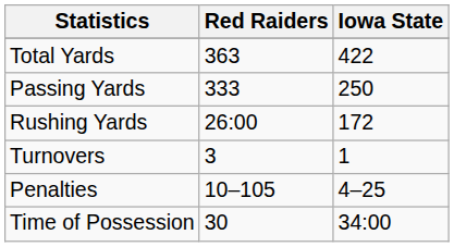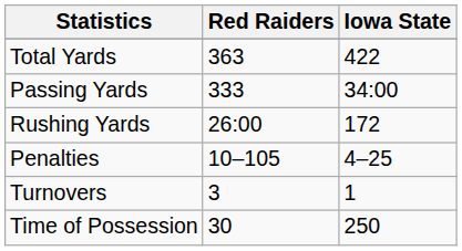 <table class="wikitable">
 <tr>
 <th>Statistics</th>
 <th>Red Raiders</th>
 <th>Iowa State</th>
 </tr>
 <tr>
 </tr>
 <tr>
 <td>Total Yards</td>
 <td>363</td>
 <td>422</td>
 </tr>
 <tr>
 <td>Passing Yards</td>
 <td>333</td>
-<td>250</td>
+<td>34:00</td>
 </tr>
 <tr>
 <td>Rushing Yards</td>
 <td>26:00</td>
 <td>172</td>
 </tr>
 <tr>
+<td>Penalties</td>
+<td>10–105</td>
+<td>4–25</td>
+</tr>
+<tr>
 <td>Turnovers</td>
 <td>3</td>
 <td>1</td>
 </tr>
 <tr>
-<td>Penalties</td>
-<td>10–105</td>
-<td>4–25</td>
-</tr>
-<tr>
 <td>Time of Possession</td>
 <td>30</td>
-<td>34:00</td>
+<td>250</td>
 </tr>
 </table>
